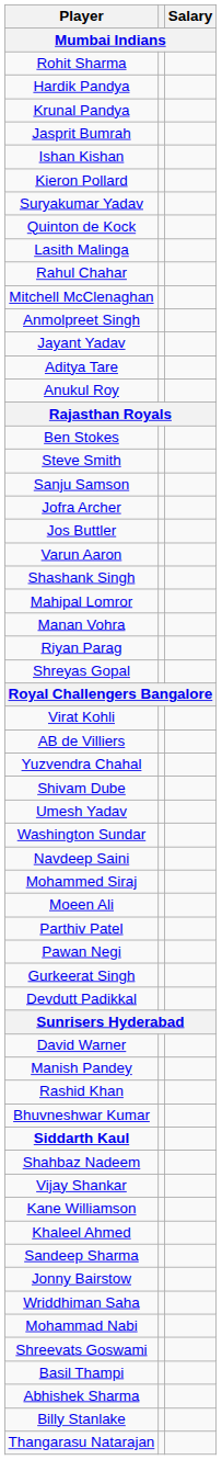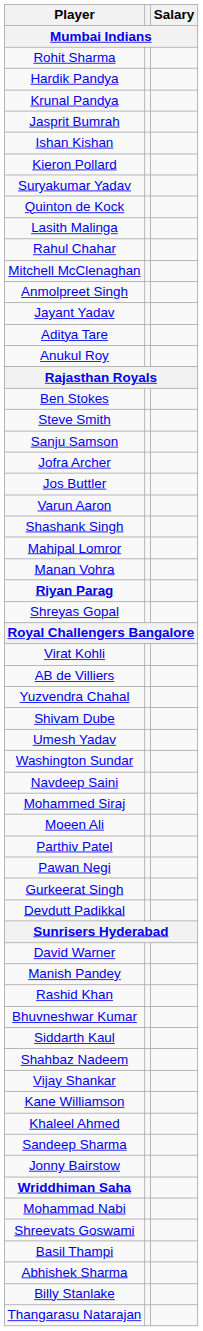 <table class="wikitable collapsible"  style="text-align:center">
 <tr>
 <th style="text-align:center;">Player</th>
 <th style="text-align:center;"></th>
 <th style="text-align:center;">Salary</th>
 </tr>
 <tr>
 <th colspan="5"><strong><a href='#'>Mumbai Indians</a></strong></th>
 </tr>
 <tr>
 <td><a href='#'>Rohit Sharma</a></td>
 <td></td>
 <td></td>
 </tr>
 <tr>
 <td><a href='#'>Hardik Pandya</a></td>
 <td></td>
 <td></td>
 </tr>
 <tr>
 <td><a href='#'>Krunal Pandya</a></td>
 <td></td>
 <td></td>
 </tr>
 <tr>
 <td><a href='#'>Jasprit Bumrah</a></td>
 <td></td>
 <td></td>
 </tr>
 <tr>
 <td><a href='#'>Ishan Kishan</a></td>
 <td></td>
 <td></td>
 </tr>
 <tr>
 <td><a href='#'>Kieron Pollard</a></td>
 <td></td>
 <td></td>
 </tr>
 <tr>
 <td><a href='#'>Suryakumar Yadav</a></td>
 <td></td>
 <td></td>
 </tr>
 <tr>
 <td><a href='#'>Quinton de Kock</a></td>
 <td></td>
 <td></td>
 </tr>
 <tr>
 <td><a href='#'>Lasith Malinga</a></td>
 <td></td>
 <td></td>
 </tr>
 <tr>
 <td><a href='#'>Rahul Chahar</a></td>
 <td></td>
 <td></td>
 </tr>
 <tr>
 <td><a href='#'>Mitchell McClenaghan</a></td>
 <td></td>
 <td></td>
 </tr>
 <tr>
 <td><a href='#'>Anmolpreet Singh</a></td>
 <td></td>
 <td></td>
 </tr>
 <tr>
 <td><a href='#'>Jayant Yadav</a></td>
 <td></td>
 <td></td>
 </tr>
 <tr>
 <td><a href='#'>Aditya Tare</a></td>
 <td></td>
 <td></td>
 </tr>
 <tr>
 <td><a href='#'>Anukul Roy</a></td>
 <td></td>
 <td></td>
 </tr>
 <tr>
 <th colspan="5"><strong><a href='#'>Rajasthan Royals</a></strong></th>
 </tr>
 <tr>
 <td><a href='#'>Ben Stokes</a></td>
 <td></td>
 <td></td>
 </tr>
 <tr>
 <td><a href='#'>Steve Smith</a></td>
 <td></td>
 <td></td>
 </tr>
 <tr>
 <td><a href='#'>Sanju Samson</a></td>
 <td></td>
 <td></td>
 </tr>
 <tr>
 <td><a href='#'>Jofra Archer</a></td>
 <td></td>
 <td></td>
 </tr>
 <tr>
 <td><a href='#'>Jos Buttler</a></td>
 <td></td>
 <td></td>
 </tr>
 <tr>
 <td><a href='#'>Varun Aaron</a></td>
 <td></td>
 <td></td>
 </tr>
 <tr>
 <td><a href='#'>Shashank Singh</a></td>
 <td></td>
 <td></td>
 </tr>
 <tr>
 <td><a href='#'>Mahipal Lomror</a></td>
 <td></td>
 <td></td>
 </tr>
 <tr>
 <td><a href='#'>Manan Vohra</a></td>
 <td></td>
 <td></td>
 </tr>
 <tr>
-<td><a href='#'>Riyan Parag</a></td>
+<td><strong><a href='#'>Riyan Parag</a></strong></td>
 <td></td>
 <td></td>
 </tr>
 <tr>
 <td><a href='#'>Shreyas Gopal</a></td>
 <td></td>
 <td></td>
 </tr>
 <tr>
 <th colspan="5"><strong><a href='#'>Royal Challengers Bangalore</a></strong></th>
 </tr>
 <tr>
 <td><a href='#'>Virat Kohli</a></td>
 <td></td>
 <td></td>
 </tr>
 <tr>
 <td><a href='#'>AB de Villiers</a></td>
 <td></td>
 <td></td>
 </tr>
 <tr>
 <td><a href='#'>Yuzvendra Chahal</a></td>
 <td></td>
 <td></td>
 </tr>
 <tr>
 <td><a href='#'>Shivam Dube</a></td>
 <td></td>
 <td></td>
 </tr>
 <tr>
 <td><a href='#'>Umesh Yadav</a></td>
 <td></td>
 <td></td>
 </tr>
 <tr>
 <td><a href='#'>Washington Sundar</a></td>
 <td></td>
 <td></td>
 </tr>
 <tr>
 <td><a href='#'>Navdeep Saini</a></td>
 <td></td>
 <td></td>
 </tr>
 <tr>
 <td><a href='#'>Mohammed Siraj</a></td>
 <td></td>
 <td></td>
 </tr>
 <tr>
 <td><a href='#'>Moeen Ali</a></td>
 <td></td>
 <td></td>
 </tr>
 <tr>
 <td><a href='#'>Parthiv Patel</a></td>
 <td></td>
 <td></td>
 </tr>
 <tr>
 <td><a href='#'>Pawan Negi</a></td>
 <td></td>
 <td></td>
 </tr>
 <tr>
 <td><a href='#'>Gurkeerat Singh</a></td>
 <td></td>
 <td></td>
 </tr>
 <tr>
 <td><a href='#'>Devdutt Padikkal</a></td>
 <td></td>
 <td></td>
 </tr>
 <tr>
 <th colspan="5"><strong><a href='#'>Sunrisers Hyderabad</a></strong></th>
 </tr>
 <tr>
 <td><a href='#'>David Warner</a></td>
 <td></td>
 <td></td>
 </tr>
 <tr>
 <td><a href='#'>Manish Pandey</a></td>
 <td></td>
 <td></td>
 </tr>
 <tr>
 <td><a href='#'>Rashid Khan</a></td>
 <td></td>
 <td></td>
 </tr>
 <tr>
 <td><a href='#'>Bhuvneshwar Kumar</a></td>
 <td></td>
 <td></td>
 </tr>
 <tr>
-<td><strong><a href='#'>Siddarth Kaul</a></strong></td>
+<td><a href='#'>Siddarth Kaul</a></td>
 <td></td>
 <td></td>
 </tr>
 <tr>
 <td><a href='#'>Shahbaz Nadeem</a></td>
 <td></td>
 <td></td>
 </tr>
 <tr>
 <td><a href='#'>Vijay Shankar</a></td>
 <td></td>
 <td></td>
 </tr>
 <tr>
 <td><a href='#'>Kane Williamson</a></td>
 <td></td>
 <td></td>
 </tr>
 <tr>
 <td><a href='#'>Khaleel Ahmed</a></td>
 <td></td>
 <td></td>
 </tr>
 <tr>
 <td><a href='#'>Sandeep Sharma</a></td>
 <td></td>
 <td></td>
 </tr>
 <tr>
 <td><a href='#'>Jonny Bairstow</a></td>
 <td></td>
 <td></td>
 </tr>
 <tr>
-<td><a href='#'>Wriddhiman Saha</a></td>
+<td><strong><a href='#'>Wriddhiman Saha</a></strong></td>
 <td></td>
 <td></td>
 </tr>
 <tr>
 <td><a href='#'>Mohammad Nabi</a></td>
 <td></td>
 <td></td>
 </tr>
 <tr>
 <td><a href='#'>Shreevats Goswami</a></td>
 <td></td>
 <td></td>
 </tr>
 <tr>
 <td><a href='#'>Basil Thampi</a></td>
 <td></td>
 <td></td>
 </tr>
 <tr>
 <td><a href='#'>Abhishek Sharma</a></td>
 <td></td>
 <td></td>
 </tr>
 <tr>
 <td><a href='#'>Billy Stanlake</a></td>
 <td></td>
 <td></td>
 </tr>
 <tr>
 <td><a href='#'>Thangarasu Natarajan</a></td>
 <td></td>
 <td></td>
 </tr>
 </table>
